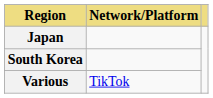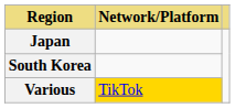 <table class="wikitable plainrowheaders">
 <tr>
 <th scope="col" style="background:#EEDD82">Region</th>
 <th scope="col" style="background:#EEDD82">Network/Platform</th>
 <th scope="col" style="background:#EEDD82"></th>
 </tr>
 <tr>
 <th scope="row">Japan</th>
 <td></td>
 <td rowspan="3" style="text-align:center"></td>
 </tr>
 <tr>
 <th scope="row">South Korea</th>
 <td></td>
 </tr>
 <tr>
 <th scope="row">Various</th>
-<td><a href='#'>TikTok</a></td>
+<td style="background: gold;"><a href='#'>TikTok</a></td>
 </tr>
 </table>
